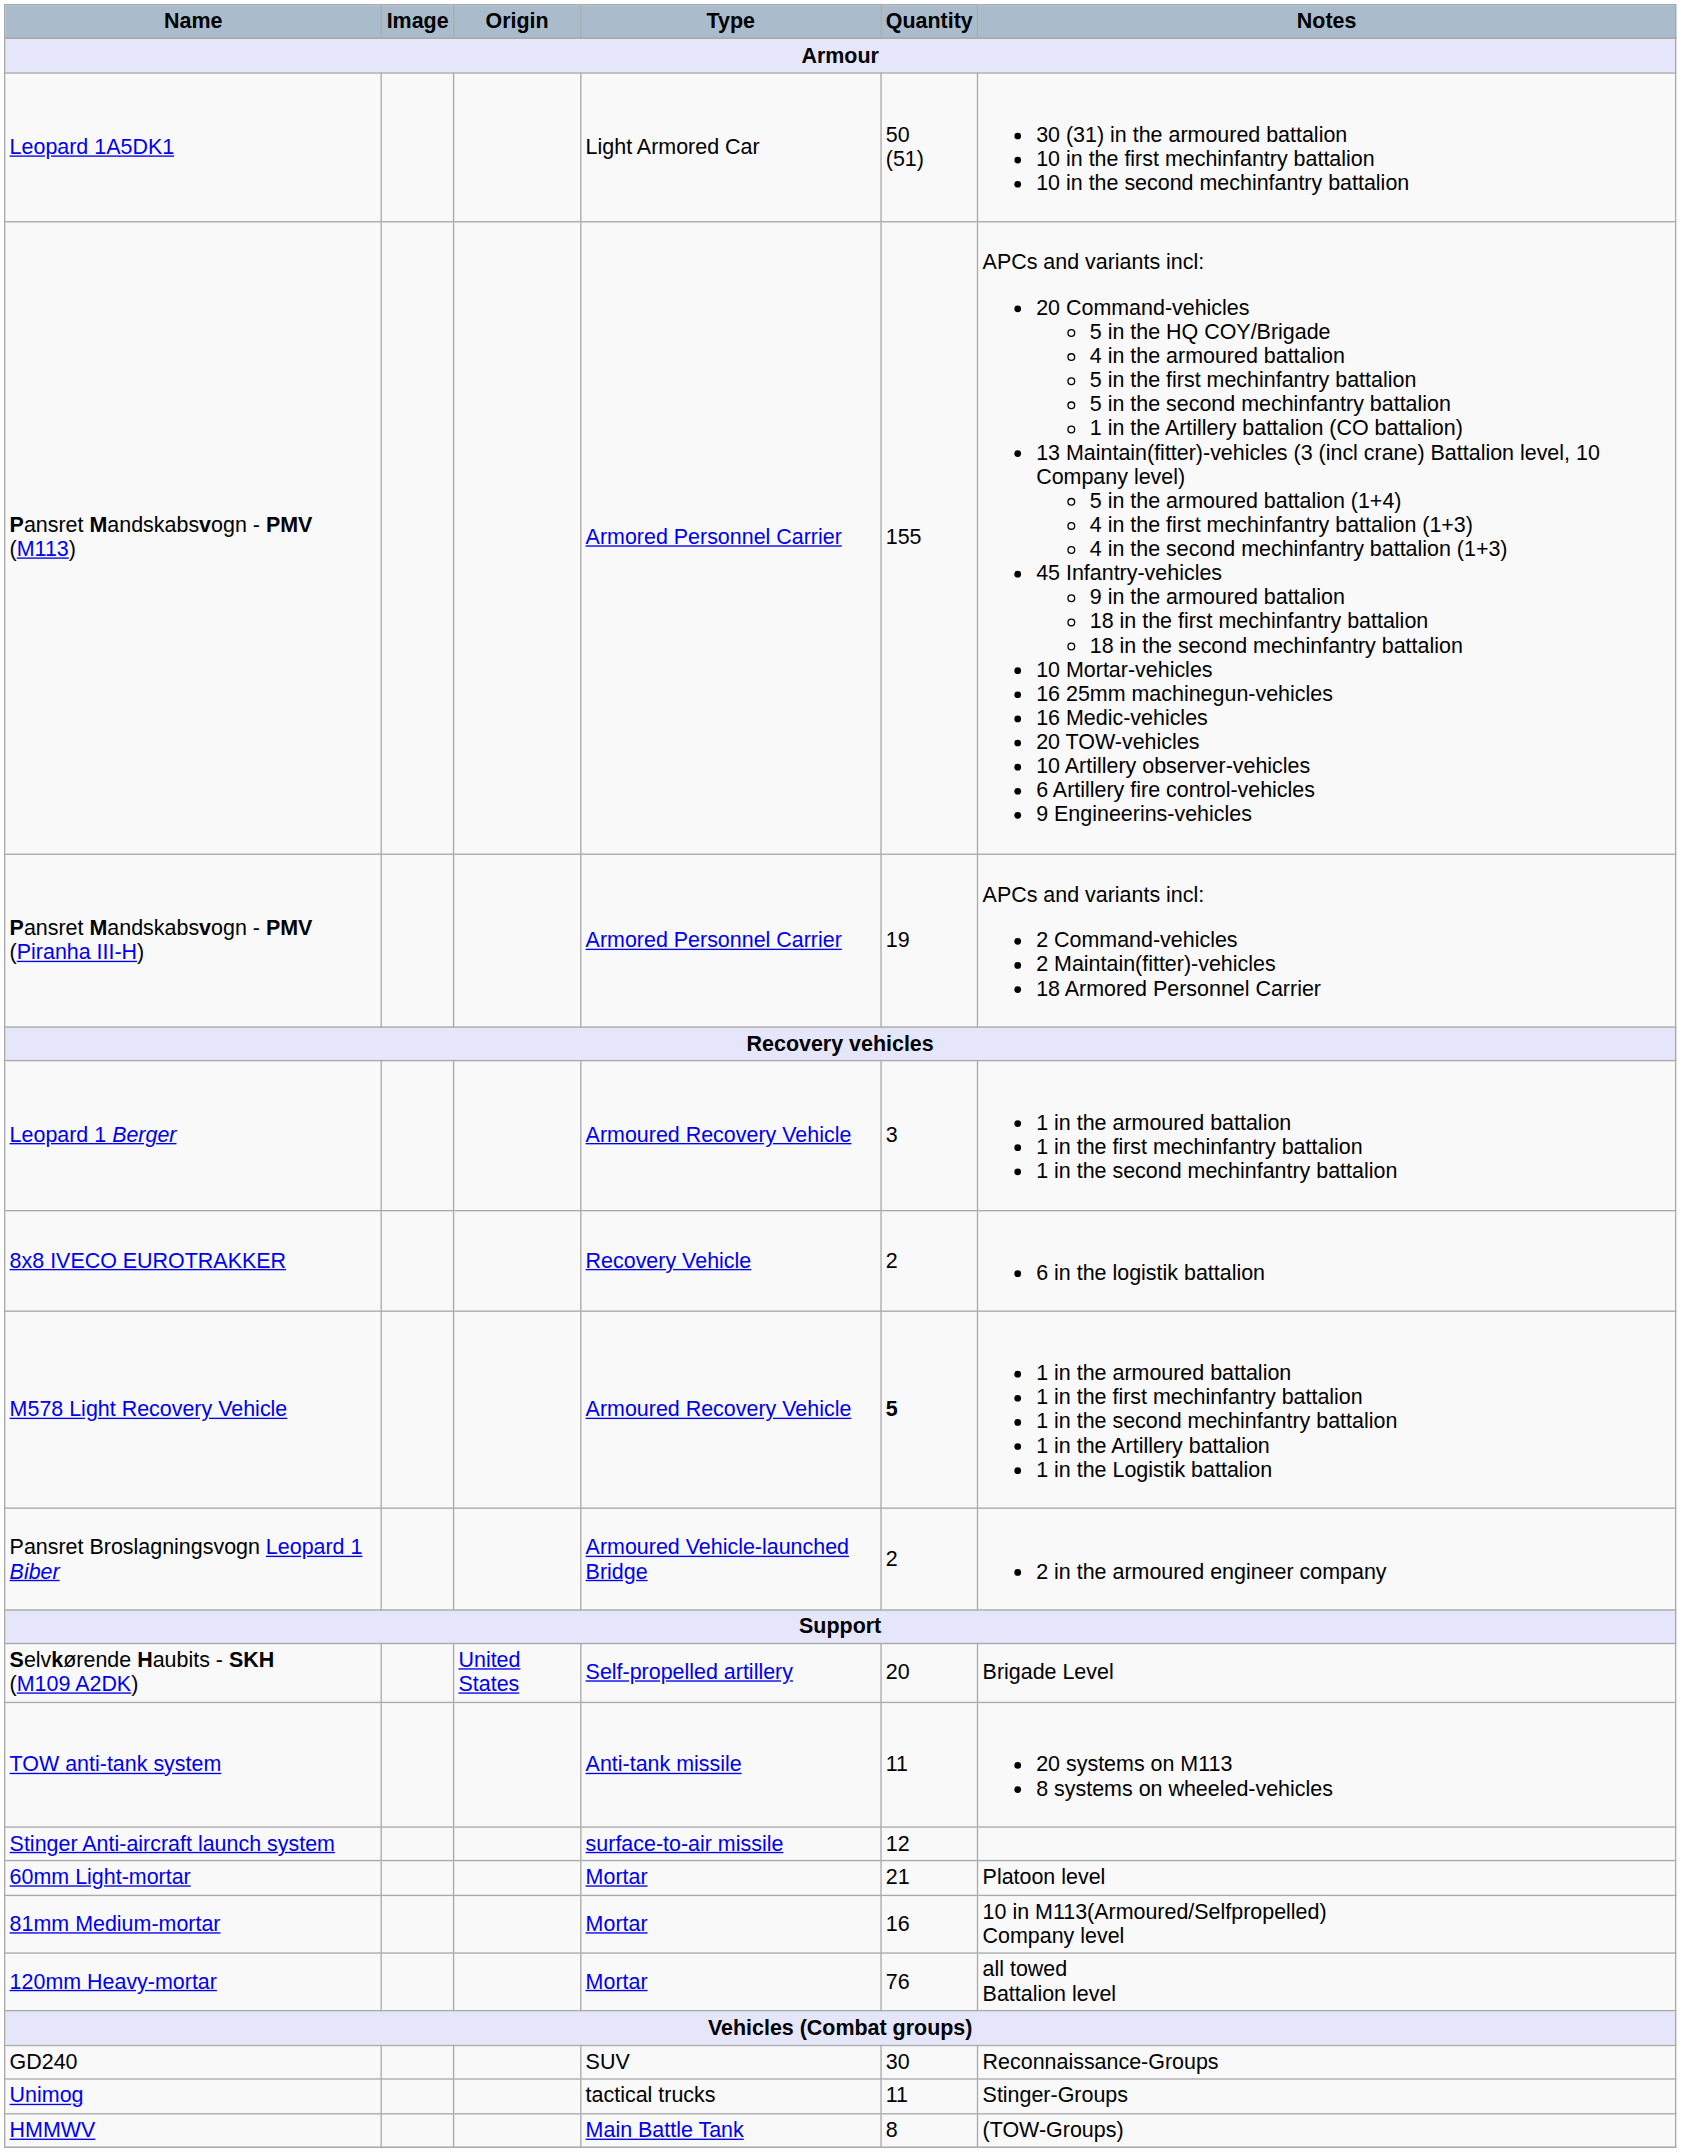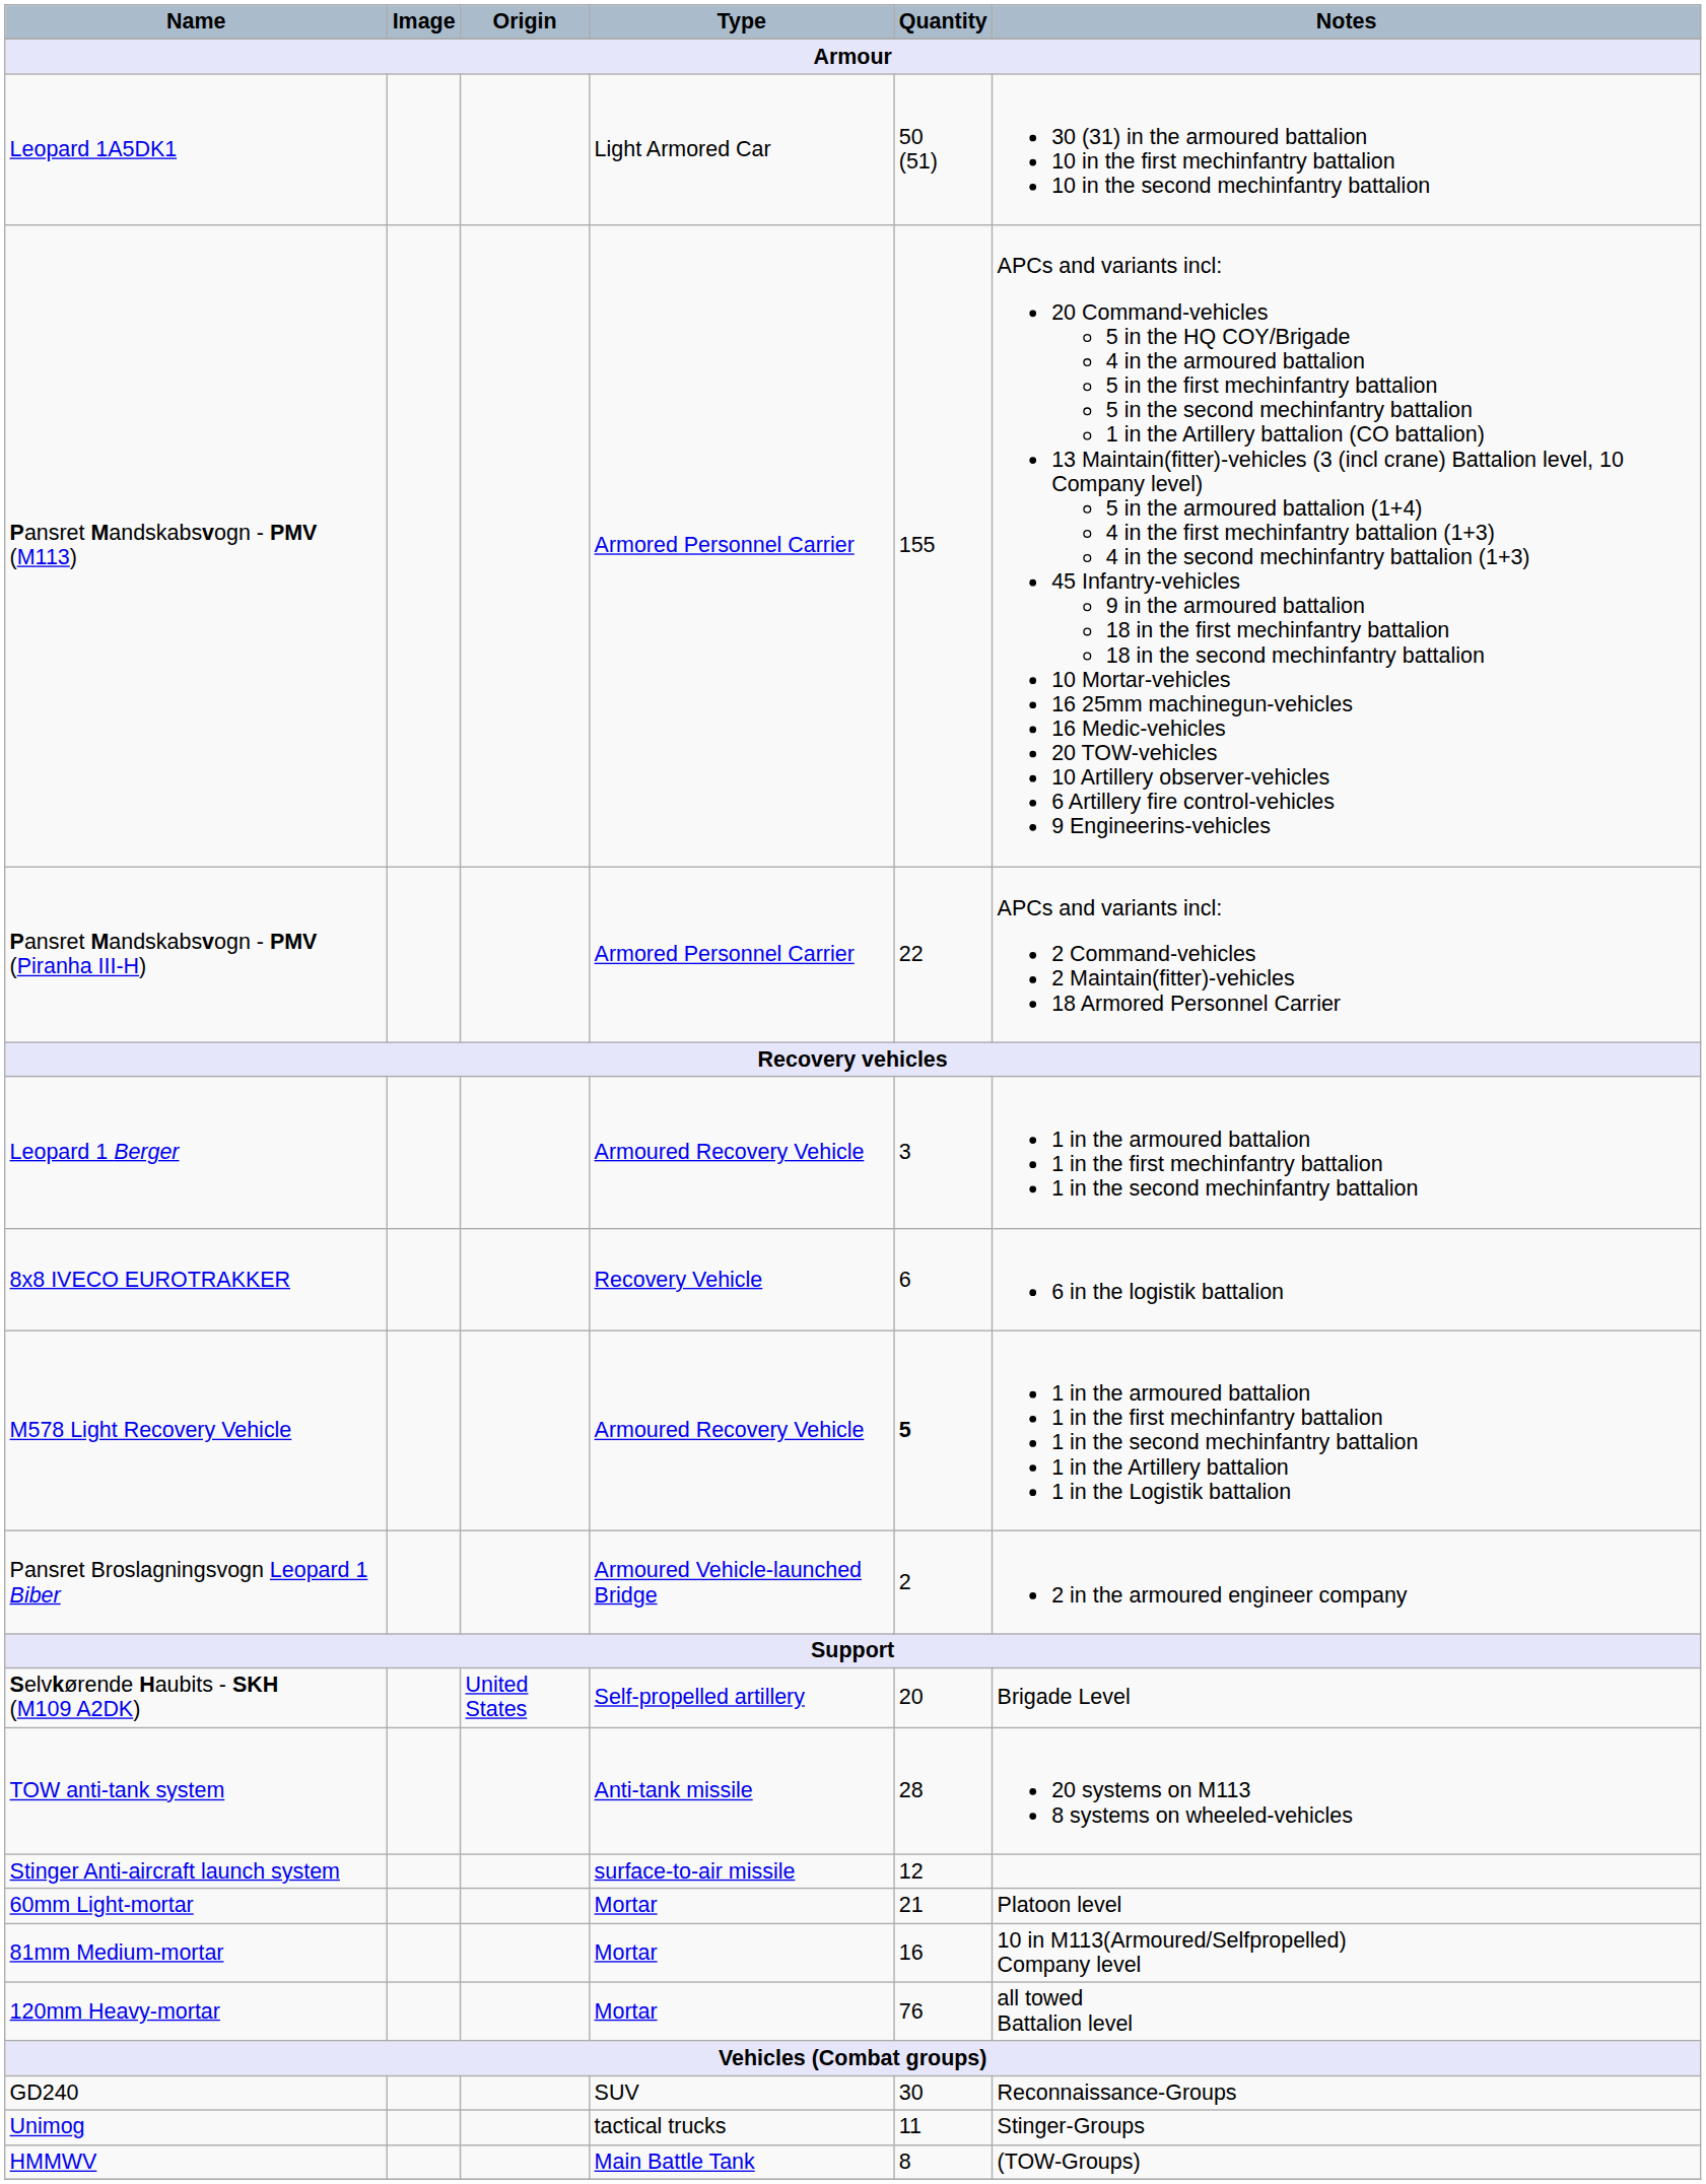 <table class="wikitable">
 <tr>
 <th style="text-align: center; background: #aabccc;">Name</th>
 <th style="text-align: center; background: #aabccc;">Image</th>
 <th style="text-align: center; background: #aabccc;">Origin</th>
 <th style="text-align: center; background: #aabccc;">Type</th>
 <th style="text-align: center; background: #aabccc;">Quantity</th>
 <th style="text-align: center; background: #aabccc;">Notes</th>
 </tr>
 <tr>
 </tr>
 <tr>
 <th style="align: center; background: lavender;" colspan="7"><strong>Armour</strong></th>
 </tr>
 <tr>
 <td><a href='#'>Leopard 1A5DK1</a></td>
 <td></td>
 <td></td>
 <td>Light Armored Car</td>
 <td>50<br>(51)</td>
 <td><br><ul><li>30 (31) in the armoured battalion</li><li>10 in the first mechinfantry battalion</li><li>10 in the second mechinfantry battalion</li></ul></td>
 </tr>
 <tr>
 <td><strong>P</strong>ansret <strong>M</strong>andskabs<strong>v</strong>ogn - <strong>PMV</strong><br>(<a href='#'>M113</a>)</td>
 <td></td>
 <td></td>
 <td><a href='#'>Armored Personnel Carrier</a></td>
 <td>155</td>
 <td><br>APCs and variants incl:<ul><li>20 Command-vehicles<ul><li>5 in the HQ COY/Brigade</li><li>4 in the armoured battalion</li><li>5 in the first mechinfantry battalion</li><li>5 in the second mechinfantry battalion</li><li>1 in the Artillery battalion (CO battalion)</li></ul></li><li>13 Maintain(fitter)-vehicles (3 (incl crane) Battalion level, 10 Company level)<ul><li>5 in the armoured battalion (1+4)</li><li>4 in the first mechinfantry battalion (1+3)</li><li>4 in the second mechinfantry battalion (1+3)</li></ul></li><li>45 Infantry-vehicles<ul><li>9 in the armoured battalion</li><li>18 in the first mechinfantry battalion</li><li>18 in the second mechinfantry battalion</li></ul></li><li>10 Mortar-vehicles</li><li>16 25mm machinegun-vehicles</li><li>16 Medic-vehicles</li><li>20 TOW-vehicles</li><li>10 Artillery observer-vehicles</li><li>6 Artillery fire control-vehicles</li><li>9 Engineerins-vehicles</li></ul></td>
 </tr>
 <tr>
 <td><strong>P</strong>ansret <strong>M</strong>andskabs<strong>v</strong>ogn - <strong>PMV</strong><br>(<a href='#'>Piranha III-H</a>)</td>
 <td></td>
 <td></td>
 <td><a href='#'>Armored Personnel Carrier</a></td>
-<td>19</td>
+<td>22</td>
 <td><br>APCs and variants incl:<ul><li>2 Command-vehicles</li><li>2 Maintain(fitter)-vehicles</li><li>18 Armored Personnel Carrier</li></ul></td>
 </tr>
 <tr>
 <th style="align: center; background: lavender;" colspan="7"><strong>Recovery vehicles</strong></th>
 </tr>
 <tr>
 <td><a href='#'>Leopard 1 <em>Berger</em></a></td>
 <td></td>
 <td></td>
 <td><a href='#'>Armoured Recovery Vehicle</a></td>
 <td>3</td>
 <td><br><ul><li>1 in the armoured battalion</li><li>1 in the first mechinfantry battalion</li><li>1 in the second mechinfantry battalion</li></ul></td>
 </tr>
 <tr>
 <td><a href='#'>8x8 IVECO EUROTRAKKER</a></td>
 <td></td>
 <td></td>
 <td><a href='#'>Recovery Vehicle</a></td>
-<td>2</td>
+<td>6</td>
 <td><br><ul><li>6 in the logistik battalion</li></ul></td>
 </tr>
 <tr>
 <td><a href='#'>M578 Light Recovery Vehicle</a></td>
 <td></td>
 <td></td>
 <td><a href='#'>Armoured Recovery Vehicle</a></td>
 <td><strong>5</strong></td>
 <td><br><ul><li>1 in the armoured battalion</li><li>1 in the first mechinfantry battalion</li><li>1 in the second mechinfantry battalion</li><li>1 in the Artillery battalion</li><li>1 in the Logistik battalion</li></ul></td>
 </tr>
 <tr>
 <td>Pansret Broslagningsvogn <a href='#'>Leopard 1 <em>Biber</em></a></td>
 <td></td>
 <td></td>
 <td><a href='#'>Armoured Vehicle-launched Bridge</a></td>
 <td>2</td>
 <td><br><ul><li>2 in the armoured engineer company</li></ul></td>
 </tr>
 <tr>
 <th style="align: center; background: lavender;" colspan="7"><strong>Support</strong></th>
 </tr>
 <tr>
 <td><strong>S</strong>elv<strong>k</strong>ørende <strong>H</strong>aubits - <strong>SKH</strong><br> (<a href='#'>M109 A2DK</a>)</td>
 <td></td>
 <td> <a href='#'>United States</a></td>
 <td><a href='#'>Self-propelled artillery</a></td>
 <td>20</td>
 <td>Brigade Level</td>
 </tr>
 <tr>
 <td><a href='#'>TOW anti-tank system</a></td>
 <td></td>
 <td></td>
 <td><a href='#'>Anti-tank missile</a></td>
-<td>11</td>
+<td>28</td>
 <td><br><ul><li>20 systems on M113</li><li>8 systems on wheeled-vehicles</li></ul></td>
 </tr>
 <tr>
 <td><a href='#'>Stinger Anti-aircraft launch system</a></td>
 <td></td>
 <td></td>
 <td><a href='#'>surface-to-air missile</a></td>
 <td>12</td>
 <td></td>
 </tr>
 <tr>
 <td><a href='#'>60mm Light-mortar</a></td>
 <td></td>
 <td></td>
 <td><a href='#'>Mortar</a></td>
 <td>21</td>
 <td>Platoon level</td>
 </tr>
 <tr>
 <td><a href='#'>81mm Medium-mortar</a></td>
 <td></td>
 <td></td>
 <td><a href='#'>Mortar</a></td>
 <td>16</td>
 <td>10 in M113(Armoured/Selfpropelled) <br> Company level</td>
 </tr>
 <tr>
 <td><a href='#'>120mm Heavy-mortar</a></td>
 <td></td>
 <td></td>
 <td><a href='#'>Mortar</a></td>
 <td>76</td>
 <td>all towed <br> Battalion level</td>
 </tr>
 <tr>
 <th style="align: center; background: lavender;" colspan="7"><strong>Vehicles (Combat groups)</strong></th>
 </tr>
 <tr>
 <td>GD240</td>
 <td></td>
 <td></td>
 <td>SUV</td>
 <td>30</td>
 <td>Reconnaissance-Groups</td>
 </tr>
 <tr>
 <td><a href='#'>Unimog</a></td>
 <td></td>
 <td></td>
 <td>tactical trucks</td>
 <td>11</td>
 <td>Stinger-Groups</td>
 </tr>
 <tr>
 <td><a href='#'>HMMWV</a></td>
 <td></td>
 <td></td>
 <td><a href='#'>Main Battle Tank</a></td>
 <td>8</td>
 <td>(TOW-Groups)</td>
 </tr>
 <tr>
 </tr>
 </table>
